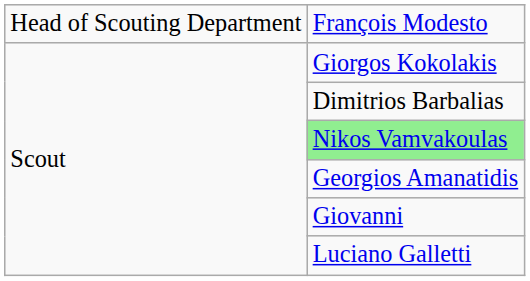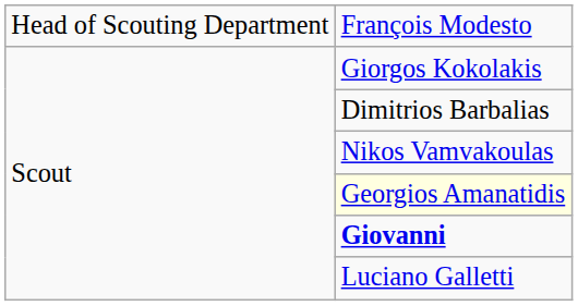 <table class="wikitable" style="text-align: center">
 <tr>
 <td align=left>Head of Scouting Department</td>
 <td align=left> <a href='#'>François Modesto</a></td>
 </tr>
 <tr>
 <td style="text-align:left;" rowspan="6">Scout</td>
 <td align=left> <a href='#'>Giorgos Kokolakis</a></td>
 </tr>
 <tr>
 <td align=left> Dimitrios Barbalias</td>
 </tr>
 <tr>
-<td align=left style="background: lightgreen;"> <a href='#'>Nikos Vamvakoulas</a></td>
+<td align=left> <a href='#'>Nikos Vamvakoulas</a></td>
 </tr>
 <tr>
-<td align=left> <a href='#'>Georgios Amanatidis</a></td>
+<td align=left style="background: lightyellow;"> <a href='#'>Georgios Amanatidis</a></td>
 </tr>
 <tr>
-<td align=left> <a href='#'>Giovanni</a></td>
+<td align=left><strong> <a href='#'>Giovanni</a></strong></td>
 </tr>
 <tr>
 <td align=left> <a href='#'>Luciano Galletti</a></td>
 </tr>
 </table>
